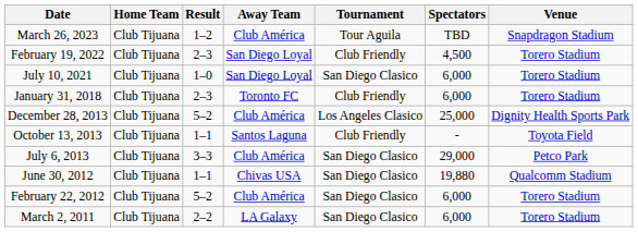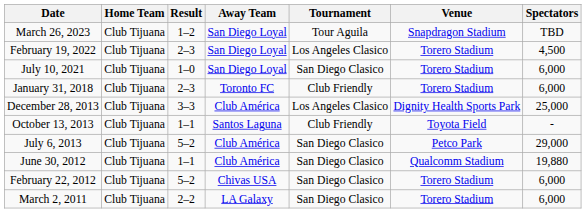 <table class="wikitable" style="text-align:center;">
 <tr>
 <th style="text-align:center;">Date</th>
 <th style="text-align:center;">Home Team</th>
 <th style="text-align:center;">Result</th>
 <th style="text-align:center;">Away Team</th>
 <th style="text-align:center;">Tournament</th>
+<th style="text-align:center;">Venue</th>
 <th style="text-align:center;">Spectators</th>
-<th style="text-align:center;">Venue</th>
 </tr>
 <tr>
 <td>March 26, 2023</td>
 <td>Club Tijuana </td>
 <td>1–2</td>
-<td> <a href='#'>Club América</a></td>
+<td> <a href='#'>San Diego Loyal</a></td>
 <td>Tour Aguila</td>
+<td><a href='#'>Snapdragon Stadium</a></td>
 <td>TBD</td>
-<td><a href='#'>Snapdragon Stadium</a></td>
 </tr>
 <tr>
 <td>February 19, 2022</td>
 <td>Club Tijuana </td>
 <td>2–3</td>
 <td> <a href='#'>San Diego Loyal</a></td>
-<td>Club Friendly</td>
+<td>Los Angeles Clasico</td>
+<td><a href='#'>Torero Stadium</a></td>
 <td>4,500</td>
-<td><a href='#'>Torero Stadium</a></td>
 </tr>
 <tr>
 <td>July 10, 2021</td>
 <td>Club Tijuana </td>
 <td>1–0</td>
 <td> <a href='#'>San Diego Loyal</a></td>
 <td>San Diego Clasico</td>
+<td><a href='#'>Torero Stadium</a></td>
 <td>6,000</td>
-<td><a href='#'>Torero Stadium</a></td>
 </tr>
 <tr>
 <td>January 31, 2018</td>
 <td>Club Tijuana </td>
 <td>2–3</td>
 <td> <a href='#'>Toronto FC</a></td>
 <td>Club Friendly</td>
+<td><a href='#'>Torero Stadium</a></td>
 <td>6,000</td>
-<td><a href='#'>Torero Stadium</a></td>
 </tr>
 <tr>
 <td>December 28, 2013</td>
 <td>Club Tijuana </td>
-<td>5–2</td>
+<td>3–3</td>
 <td> <a href='#'>Club América</a></td>
 <td>Los Angeles Clasico</td>
+<td><a href='#'>Dignity Health Sports Park</a></td>
 <td>25,000</td>
-<td><a href='#'>Dignity Health Sports Park</a></td>
 </tr>
 <tr>
 <td>October 13, 2013</td>
 <td>Club Tijuana </td>
 <td>1–1</td>
 <td> <a href='#'>Santos Laguna</a></td>
 <td>Club Friendly</td>
+<td><a href='#'>Toyota Field</a></td>
 <td>-</td>
-<td><a href='#'>Toyota Field</a></td>
 </tr>
 <tr>
 <td>July 6, 2013</td>
 <td>Club Tijuana </td>
-<td>3–3</td>
+<td>5–2</td>
 <td> <a href='#'>Club América</a></td>
 <td>San Diego Clasico</td>
+<td><a href='#'>Petco Park</a></td>
 <td>29,000</td>
-<td><a href='#'>Petco Park</a></td>
 </tr>
 <tr>
 <td>June 30, 2012</td>
 <td>Club Tijuana </td>
 <td>1–1</td>
-<td> <a href='#'>Chivas USA</a></td>
+<td> <a href='#'>Club América</a></td>
 <td>San Diego Clasico</td>
+<td><a href='#'>Qualcomm Stadium</a></td>
 <td>19,880</td>
-<td><a href='#'>Qualcomm Stadium</a></td>
 </tr>
 <tr>
 <td>February 22, 2012</td>
 <td>Club Tijuana </td>
 <td>5–2</td>
-<td> <a href='#'>Club América</a></td>
+<td> <a href='#'>Chivas USA</a></td>
 <td>San Diego Clasico</td>
+<td><a href='#'>Torero Stadium</a></td>
 <td>6,000</td>
-<td><a href='#'>Torero Stadium</a></td>
 </tr>
 <tr>
 <td>March 2, 2011</td>
 <td>Club Tijuana </td>
 <td>2–2</td>
 <td> <a href='#'>LA Galaxy</a></td>
 <td>San Diego Clasico</td>
+<td><a href='#'>Torero Stadium</a></td>
 <td>6,000</td>
-<td><a href='#'>Torero Stadium</a></td>
 </tr>
 </table>
